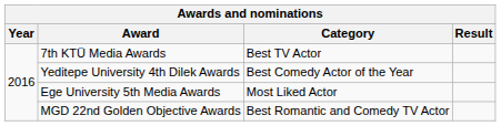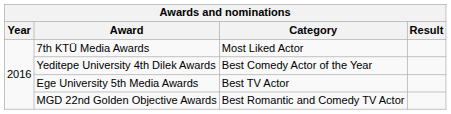 <table class="wikitable">
 <tr>
 <th colspan="4">Awards and nominations</th>
 </tr>
 <tr>
 <th>Year</th>
 <th>Award</th>
 <th>Category</th>
 <th>Result</th>
 </tr>
 <tr>
 <td rowspan=4>2016</td>
 <td>7th KTÜ Media Awards</td>
-<td>Best TV Actor</td>
+<td>Most Liked Actor</td>
 <td></td>
 </tr>
 <tr>
 <td>Yeditepe University 4th Dilek Awards</td>
 <td>Best Comedy Actor of the Year</td>
 <td></td>
 </tr>
 <tr>
 <td>Ege University 5th Media Awards</td>
-<td>Most Liked Actor</td>
+<td>Best TV Actor</td>
 <td></td>
 </tr>
 <tr>
 <td>MGD 22nd Golden Objective Awards</td>
 <td>Best Romantic and Comedy TV Actor</td>
 <td></td>
 </tr>
 </table>
